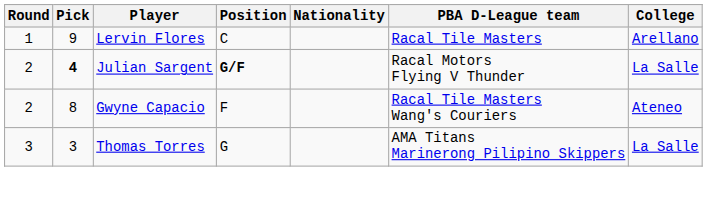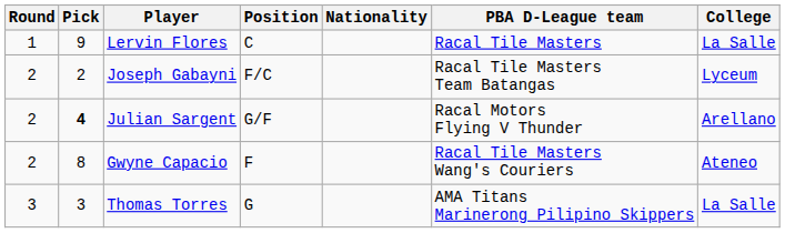 <table class="wikitable sortable sortable">
 <tr>
 <th>Round</th>
 <th>Pick</th>
 <th>Player</th>
 <th>Position</th>
 <th>Nationality</th>
 <th>PBA D-League team</th>
 <th>College</th>
 </tr>
 <tr>
 <td align=center>1</td>
 <td align=center>9</td>
 <td><a href='#'>Lervin Flores</a></td>
 <td>C</td>
 <td></td>
 <td><a href='#'>Racal Tile Masters</a></td>
-<td><a href='#'>Arellano</a></td>
+<td><a href='#'>La Salle</a></td>
+</tr>
+<tr>
+<td align=center>2</td>
+<td align=center>2</td>
+<td><a href='#'>Joseph Gabayni</a></td>
+<td>F/C</td>
+<td></td>
+<td>Racal Tile Masters <br> Team Batangas</td>
+<td><a href='#'>Lyceum</a></td>
 </tr>
 <tr>
 <td align=center>2</td>
 <td align=center><strong>4</strong></td>
 <td><a href='#'>Julian Sargent</a></td>
-<td><strong>G/F</strong></td>
+<td>G/F</td>
 <td></td>
 <td>Racal Motors <br> Flying V Thunder</td>
-<td><a href='#'>La Salle</a></td>
+<td><a href='#'>Arellano</a></td>
 </tr>
 <tr>
 <td align=center>2</td>
 <td align=center>8</td>
 <td><a href='#'>Gwyne Capacio</a></td>
 <td>F</td>
 <td></td>
 <td><a href='#'>Racal Tile Masters</a> <br> Wang's Couriers</td>
 <td><a href='#'>Ateneo</a></td>
 </tr>
 <tr>
 <td align=center>3</td>
 <td align=center>3</td>
 <td><a href='#'>Thomas Torres</a></td>
 <td>G</td>
 <td></td>
 <td>AMA Titans <br> <a href='#'>Marinerong Pilipino Skippers</a></td>
 <td><a href='#'>La Salle</a></td>
 </tr>
 </table>
